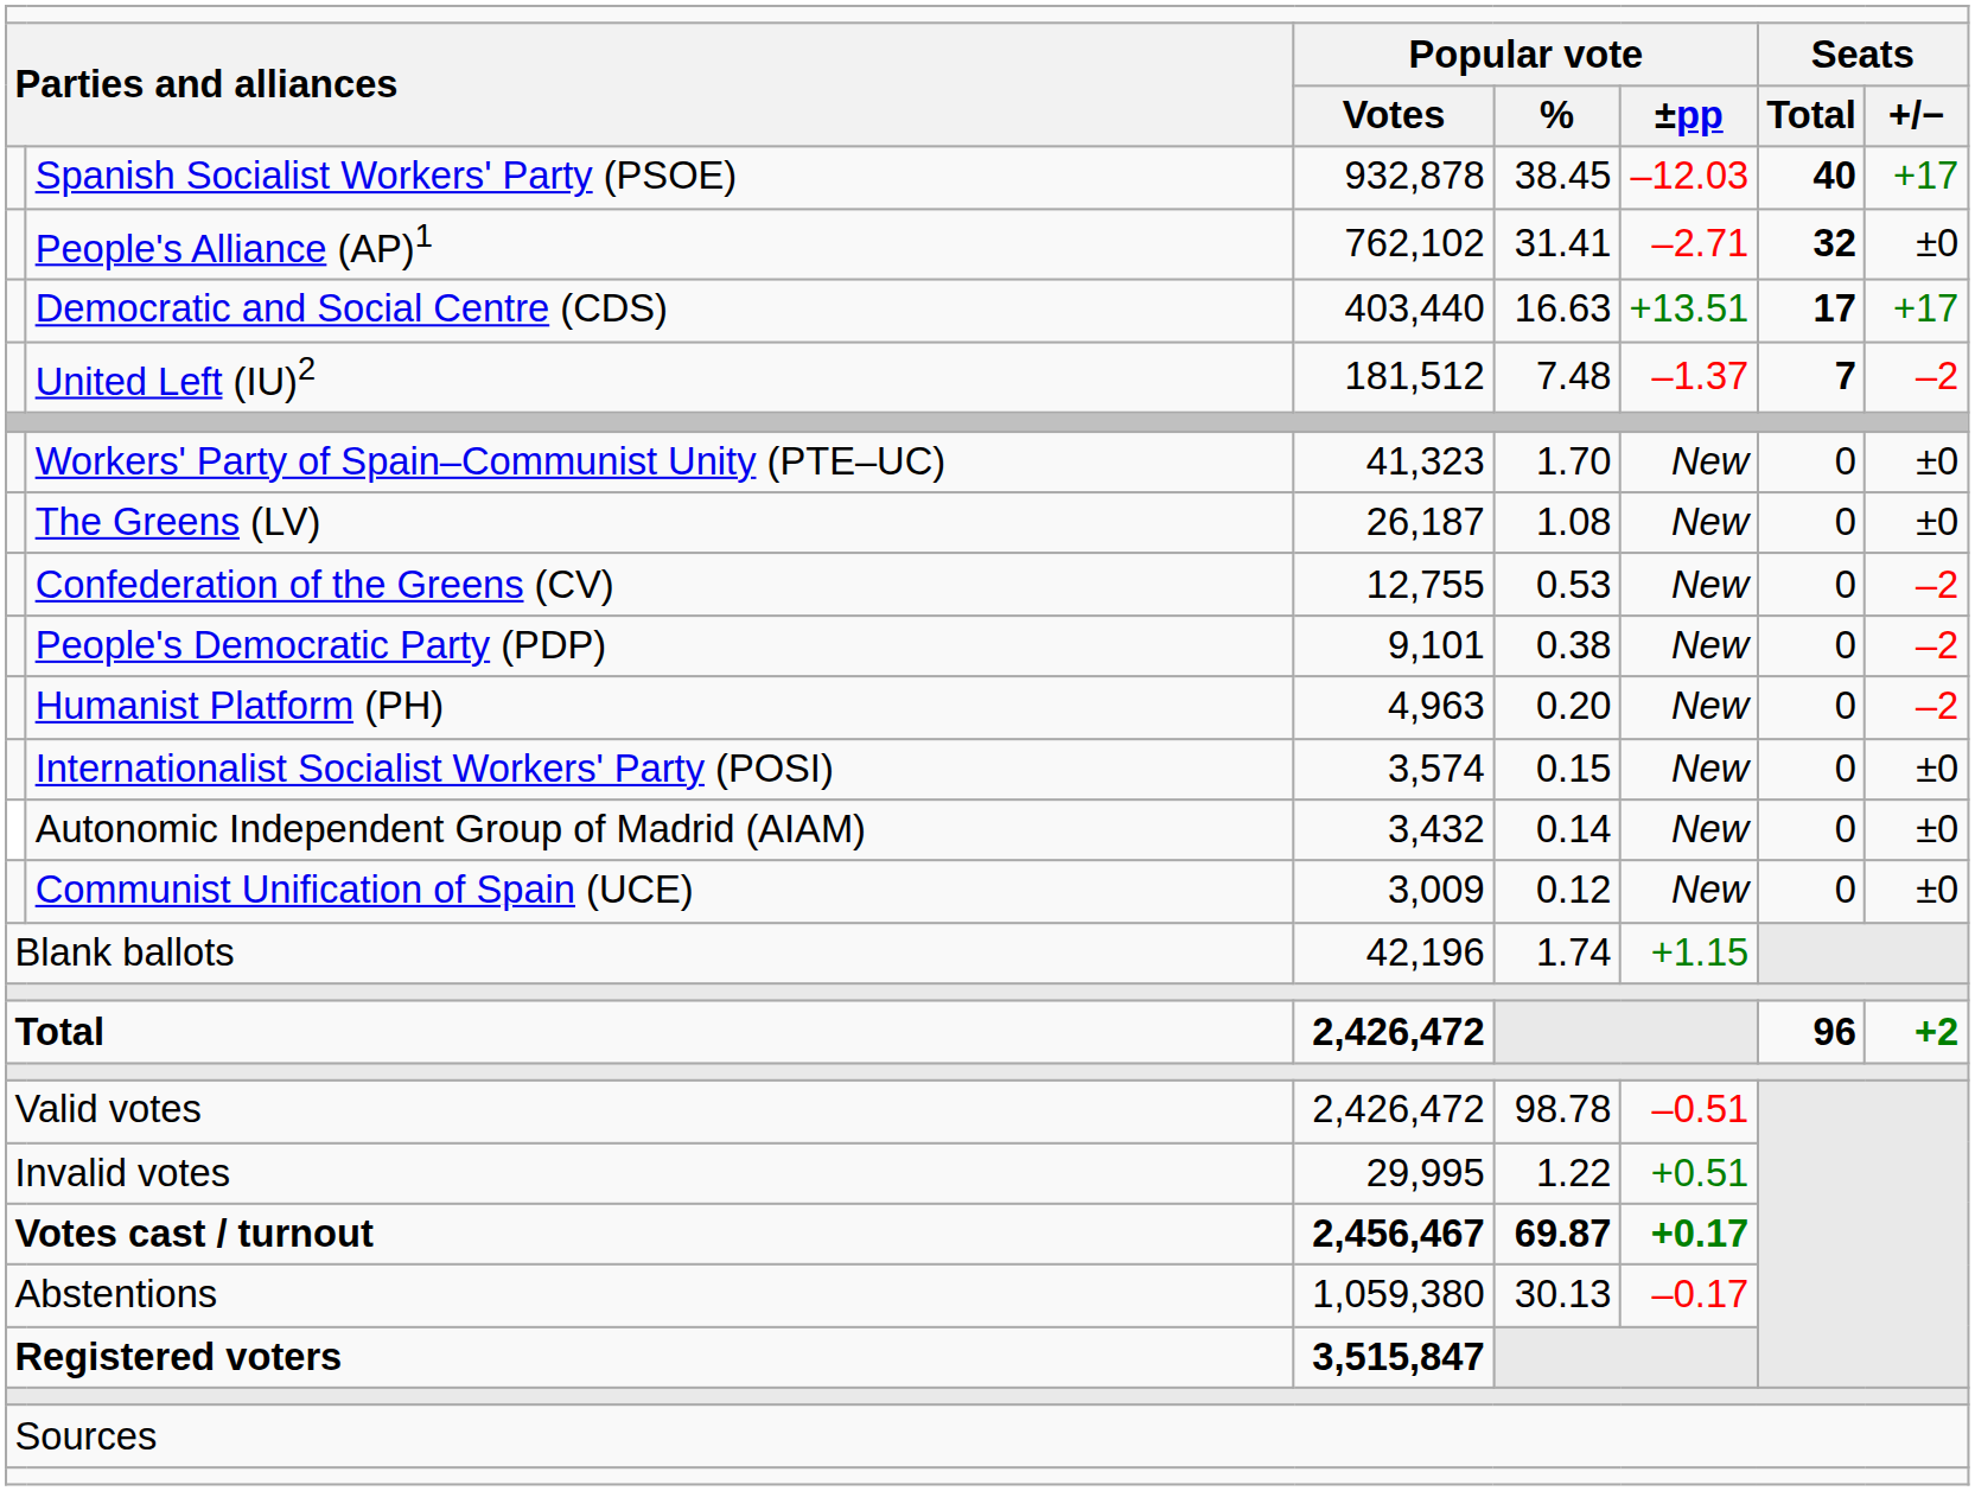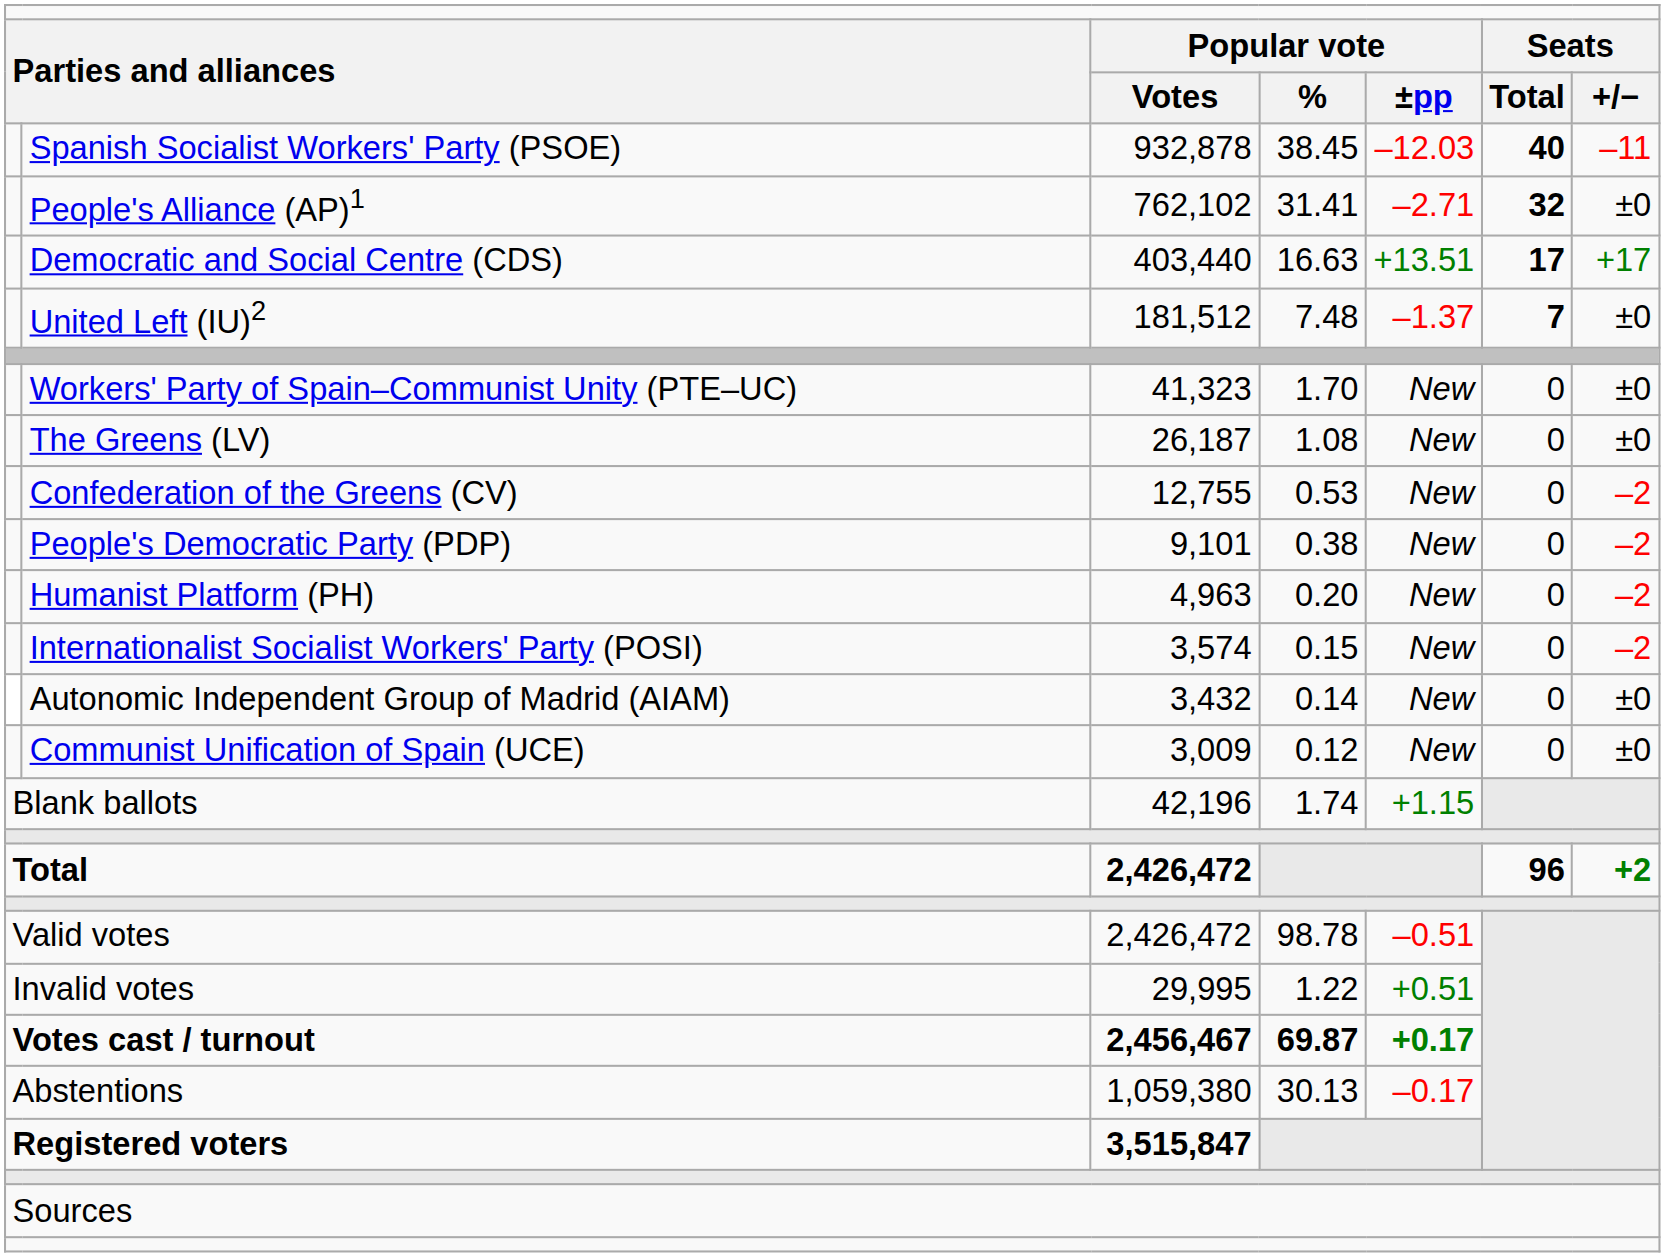 <table class="wikitable" style="text-align:right;">
 <tr>
 <td colspan="7"></td>
 </tr>
 <tr>
 <th style="text-align:left;" rowspan="2" colspan="2" width="525">Parties and alliances</th>
 <th colspan="3">Popular vote</th>
 <th colspan="2">Seats</th>
 </tr>
 <tr>
 <th width="75">Votes</th>
 <th width="45">%</th>
 <th width="45">±<a href='#'>pp</a></th>
 <th width="35">Total</th>
 <th width="35">+/−</th>
 </tr>
 <tr>
 <td width="1" style="color:inherit;background:"></td>
 <td align="left"><a href='#'>Spanish Socialist Workers' Party</a> (PSOE)</td>
 <td>932,878</td>
 <td>38.45</td>
 <td style="color:red;">–12.03</td>
 <td><strong>40</strong></td>
-<td style="color:green;">+17</td>
+<td style="color:red;">–11</td>
 </tr>
 <tr>
 <td style="color:inherit;background:"></td>
 <td align="left"><a href='#'>People's Alliance</a> (AP)<sup>1</sup></td>
 <td>762,102</td>
 <td>31.41</td>
 <td style="color:red;">–2.71</td>
 <td><strong>32</strong></td>
 <td>±0</td>
 </tr>
 <tr>
 <td style="color:inherit;background:"></td>
 <td align="left"><a href='#'>Democratic and Social Centre</a> (CDS)</td>
 <td>403,440</td>
 <td>16.63</td>
 <td style="color:green;">+13.51</td>
 <td><strong>17</strong></td>
 <td style="color:green;">+17</td>
 </tr>
 <tr>
 <td style="color:inherit;background:"></td>
 <td align="left"><a href='#'>United Left</a> (IU)<sup>2</sup></td>
 <td>181,512</td>
 <td>7.48</td>
 <td style="color:red;">–1.37</td>
 <td><strong>7</strong></td>
-<td style="color:red;">–2</td>
+<td>±0</td>
 </tr>
 <tr>
 <td colspan="7" bgcolor="#C0C0C0"></td>
 </tr>
 <tr>
 <td style="color:inherit;background:"></td>
 <td align="left"><a href='#'>Workers' Party of Spain–Communist Unity</a> (PTE–UC)</td>
 <td>41,323</td>
 <td>1.70</td>
 <td><em>New</em></td>
 <td>0</td>
 <td>±0</td>
 </tr>
 <tr>
 <td style="color:inherit;background:"></td>
 <td align="left"><a href='#'>The Greens</a> (LV)</td>
 <td>26,187</td>
 <td>1.08</td>
 <td><em>New</em></td>
 <td>0</td>
 <td>±0</td>
 </tr>
 <tr>
 <td style="color:inherit;background:"></td>
 <td align="left"><a href='#'>Confederation of the Greens</a> (CV)</td>
 <td>12,755</td>
 <td>0.53</td>
 <td><em>New</em></td>
 <td>0</td>
 <td style="color:red;">–2</td>
 </tr>
 <tr>
 <td style="color:inherit;background:"></td>
 <td align="left"><a href='#'>People's Democratic Party</a> (PDP)</td>
 <td>9,101</td>
 <td>0.38</td>
 <td><em>New</em></td>
 <td>0</td>
 <td style="color:red;">–2</td>
 </tr>
 <tr>
 <td style="color:inherit;background:"></td>
 <td align="left"><a href='#'>Humanist Platform</a> (PH)</td>
 <td>4,963</td>
 <td>0.20</td>
 <td><em>New</em></td>
 <td>0</td>
 <td style="color:red;">–2</td>
 </tr>
 <tr>
 <td style="color:inherit;background:"></td>
 <td align="left"><a href='#'>Internationalist Socialist Workers' Party</a> (POSI)</td>
 <td>3,574</td>
 <td>0.15</td>
 <td><em>New</em></td>
 <td>0</td>
-<td>±0</td>
+<td style="color:red;">–2</td>
 </tr>
 <tr>
 <td bgcolor="white"></td>
 <td align="left">Autonomic Independent Group of Madrid (AIAM)</td>
 <td>3,432</td>
 <td>0.14</td>
 <td><em>New</em></td>
 <td>0</td>
 <td>±0</td>
 </tr>
 <tr>
 <td style="color:inherit;background:"></td>
 <td align="left"><a href='#'>Communist Unification of Spain</a> (UCE)</td>
 <td>3,009</td>
 <td>0.12</td>
 <td><em>New</em></td>
 <td>0</td>
 <td>±0</td>
 </tr>
 <tr>
 <td align="left" colspan="2">Blank ballots</td>
 <td>42,196</td>
 <td>1.74</td>
 <td style="color:green;">+1.15</td>
 <td bgcolor="#E9E9E9" colspan="2"></td>
 </tr>
 <tr>
 <td colspan="7" bgcolor="#E9E9E9"></td>
 </tr>
 <tr style="font-weight:bold;">
 <td align="left" colspan="2">Total</td>
 <td>2,426,472</td>
 <td bgcolor="#E9E9E9" colspan="2"></td>
 <td>96</td>
 <td style="color:green;">+2</td>
 </tr>
 <tr>
 <td colspan="7" bgcolor="#E9E9E9"></td>
 </tr>
 <tr>
 <td align="left" colspan="2">Valid votes</td>
 <td>2,426,472</td>
 <td>98.78</td>
 <td style="color:red;">–0.51</td>
 <td bgcolor="#E9E9E9" colspan="2" rowspan="5"></td>
 </tr>
 <tr>
 <td align="left" colspan="2">Invalid votes</td>
 <td>29,995</td>
 <td>1.22</td>
 <td style="color:green;">+0.51</td>
 </tr>
 <tr style="font-weight:bold;">
 <td align="left" colspan="2">Votes cast / turnout</td>
 <td>2,456,467</td>
 <td>69.87</td>
 <td style="color:green;">+0.17</td>
 </tr>
 <tr>
 <td align="left" colspan="2">Abstentions</td>
 <td>1,059,380</td>
 <td>30.13</td>
 <td style="color:red;">–0.17</td>
 </tr>
 <tr style="font-weight:bold;">
 <td align="left" colspan="2">Registered voters</td>
 <td>3,515,847</td>
 <td bgcolor="#E9E9E9" colspan="2"></td>
 </tr>
 <tr>
 <td colspan="7" bgcolor="#E9E9E9"></td>
 </tr>
 <tr>
 <td align="left" colspan="7">Sources</td>
 </tr>
 <tr>
 <td colspan="7" style="text-align:left; max-width:790px;"></td>
 </tr>
 </table>
